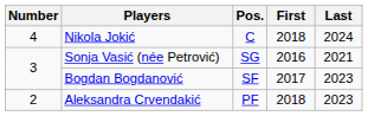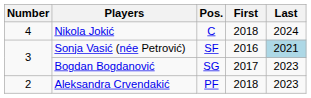 <table class="wikitable">
 <tr>
 <th>Number</th>
 <th style="width:200px">Players</th>
 <th>Pos.</th>
 <th style="width:50px">First</th>
 <th style="width:50px">Last</th>
 </tr>
 <tr>
 <td style="text-align:center;">4</td>
 <td><a href='#'>Nikola Jokić</a></td>
 <td style="text-align:center;"><a href='#'>C</a></td>
 <td style="text-align:center;">2018</td>
 <td style="text-align:center;">2024</td>
 </tr>
 <tr>
 <td rowspan=2 style="text-align:center;">3</td>
 <td><a href='#'>Sonja Vasić</a> (<a href='#'>née</a> Petrović)</td>
-<td style="text-align:center;"><a href='#'>SG</a></td>
+<td style="text-align:center;"><a href='#'>SF</a></td>
 <td style="text-align:center;">2016</td>
-<td style="text-align:center;">2021</td>
+<td style="background: lightblue; text-align:center;">2021</td>
 </tr>
 <tr>
 <td><a href='#'>Bogdan Bogdanović</a></td>
-<td style="text-align:center;"><a href='#'>SF</a></td>
+<td style="text-align:center;"><a href='#'>SG</a></td>
 <td style="text-align:center;">2017</td>
 <td style="text-align:center;">2023</td>
 </tr>
 <tr>
 <td style="text-align:center;">2</td>
 <td><a href='#'>Aleksandra Crvendakić</a></td>
 <td style="text-align:center;"><a href='#'>PF</a></td>
 <td style="text-align:center;">2018</td>
 <td style="text-align:center;">2023</td>
 </tr>
 </table>
